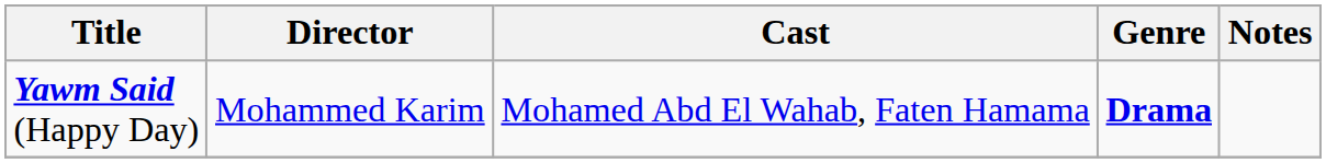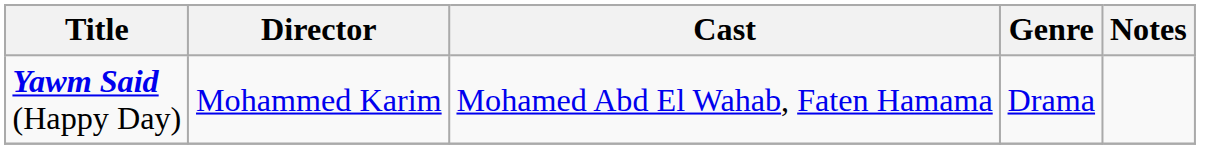 <table class="wikitable">
 <tr>
 <th>Title</th>
 <th>Director</th>
 <th>Cast</th>
 <th>Genre</th>
 <th>Notes</th>
 </tr>
 <tr>
 <td><strong><em><a href='#'>Yawm Said</a></em></strong><br>(Happy Day)</td>
 <td><a href='#'>Mohammed Karim</a></td>
 <td><a href='#'>Mohamed Abd El Wahab</a>, <a href='#'>Faten Hamama</a></td>
-<td><strong><a href='#'>Drama</a></strong></td>
+<td><a href='#'>Drama</a></td>
 <td></td>
 </tr>
 <tr>
 </tr>
 </table>
